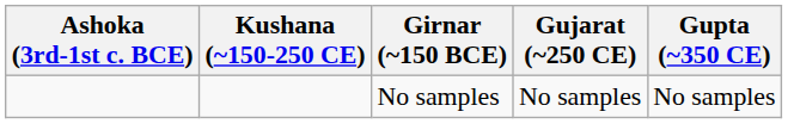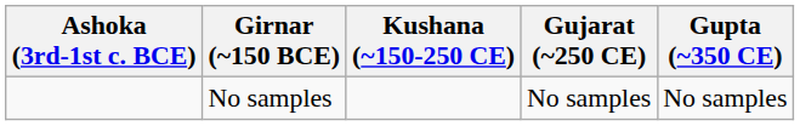 <table class="wikitable">
 <tr>
 <th>Ashoka<br>(<a href='#'>3rd-1st c. BCE</a>)</th>
+<th>Girnar<br>(~150 BCE)</th>
 <th>Kushana<br>(<a href='#'>~150-250 CE</a>)</th>
-<th>Girnar<br>(~150 BCE)</th>
 <th>Gujarat<br>(~250 CE)</th>
 <th>Gupta<br>(<a href='#'>~350 CE</a>)</th>
 </tr>
 <tr>
 <td></td>
+<td>No samples</td>
 <td></td>
-<td>No samples</td>
 <td>No samples</td>
 <td>No samples</td>
 </tr>
 </table>
